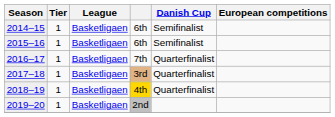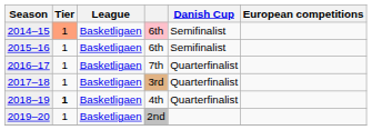 <table class="wikitable" style="font-size:90%;">
 <tr>
 <th>Season</th>
 <th>Tier</th>
 <th>League</th>
 <th></th>
 <th><a href='#'>Danish Cup</a></th>
 <th colspan=2>European competitions</th>
 </tr>
 <tr>
 <td style="background:#efefef;"><a href='#'>2014–15</a></td>
-<td align="center">1</td>
+<td align="center" style="background: lightsalmon;">1</td>
 <td><a href='#'>Basketligaen</a></td>
-<td align="center">6th</td>
+<td align="center" style="background: pink;">6th</td>
 <td>Semifinalist</td>
 <td colspan=2></td>
 </tr>
 <tr>
 <td style="background:#efefef;"><a href='#'>2015–16</a></td>
 <td align="center">1</td>
 <td><a href='#'>Basketligaen</a></td>
 <td align="center">6th</td>
 <td>Semifinalist</td>
 <td colspan=2></td>
 </tr>
 <tr>
 <td style="background:#efefef;"><a href='#'>2016–17</a></td>
 <td align="center">1</td>
 <td><a href='#'>Basketligaen</a></td>
 <td align="center">7th</td>
 <td>Quarterfinalist</td>
 <td colspan=2></td>
 </tr>
 <tr>
 <td style="background:#efefef;"><a href='#'>2017–18</a></td>
 <td align="center">1</td>
 <td><a href='#'>Basketligaen</a></td>
 <td align="center" bgcolor=#e1b384>3rd</td>
 <td>Quarterfinalist</td>
 <td colspan=2></td>
 </tr>
 <tr>
 <td style="background:#efefef;"><a href='#'>2018–19</a></td>
-<td align="center">1</td>
+<td align="center"><strong>1</strong></td>
 <td><a href='#'>Basketligaen</a></td>
-<td align="center" style="background: gold;">4th</td>
+<td align="center">4th</td>
 <td>Quarterfinalist</td>
 <td colspan=2></td>
 </tr>
 <tr>
 <td style="background:#efefef;"><a href='#'>2019–20</a></td>
 <td align="center">1</td>
 <td><a href='#'>Basketligaen</a></td>
 <td align="center" bgcolor=silver>2nd</td>
 <td></td>
 <td colspan=2></td>
 </tr>
 <tr>
 </tr>
 </table>
